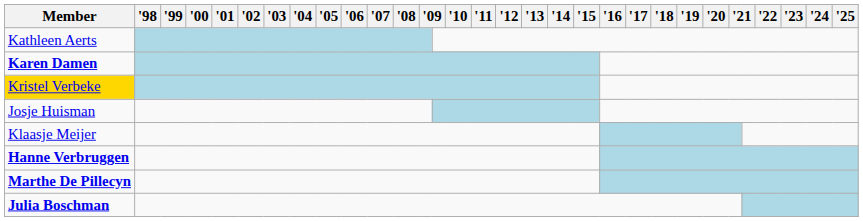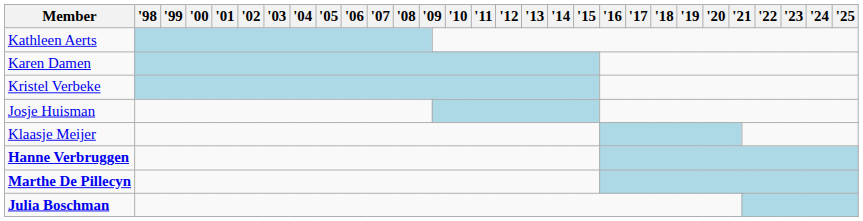 <table class="wikitable">
 <tr>
 <th>Member</th>
 <th>'98</th>
 <th>'99</th>
 <th>'00</th>
 <th>'01</th>
 <th>'02</th>
 <th>'03</th>
 <th>'04</th>
 <th>'05</th>
 <th>'06</th>
 <th>'07</th>
 <th>'08</th>
 <th colspan="2">'09</th>
 <th>'10</th>
 <th>'11</th>
 <th>'12</th>
 <th>'13</th>
 <th>'14</th>
 <th>'15</th>
 <th>'16</th>
 <th>'17</th>
 <th>'18</th>
 <th>'19</th>
 <th>'20</th>
 <th colspan="2">'21</th>
 <th>'22</th>
 <th>'23</th>
 <th>'24</th>
 <th>'25</th>
 </tr>
 <tr>
 <td><a href='#'>Kathleen Aerts</a></td>
 <td colspan="12" style="text-align:center; background:lightblue"></td>
 <td colspan="18"></td>
 </tr>
 <tr>
-<td><strong><a href='#'>Karen Damen</a></strong></td>
+<td><a href='#'>Karen Damen</a></td>
 <td colspan="19" style="text-align:center; background:lightblue"></td>
 <td colspan="11"></td>
 </tr>
 <tr>
-<td style="background: gold;"><a href='#'>Kristel Verbeke</a></td>
+<td><a href='#'>Kristel Verbeke</a></td>
 <td colspan="19" style="text-align:center; background:lightblue"></td>
 <td colspan="11"></td>
 </tr>
 <tr>
 <td><a href='#'>Josje Huisman</a></td>
 <td colspan="12"></td>
 <td colspan="7" style="text-align:center; background:lightblue"></td>
 <td colspan="11"></td>
 </tr>
 <tr>
 <td><a href='#'>Klaasje Meijer</a></td>
 <td colspan="19"></td>
 <td colspan="6" style="text-align:center; background:lightblue"></td>
 <td colspan="5"></td>
 </tr>
 <tr>
 <td><a href='#'><strong>Hanne Verbruggen</strong></a></td>
 <td colspan="19"></td>
 <td colspan="11" style="text-align:center; background:lightblue"></td>
 </tr>
 <tr>
 <td><a href='#'><strong>Marthe De Pillecyn</strong></a></td>
 <td colspan="19"></td>
 <td colspan="11" style="text-align:center; background:lightblue"></td>
 </tr>
 <tr>
 <td><strong><a href='#'>Julia Boschman</a></strong></td>
 <td colspan="25"></td>
 <td colspan="5" style="text-align:center; background:lightblue"></td>
 </tr>
 </table>
